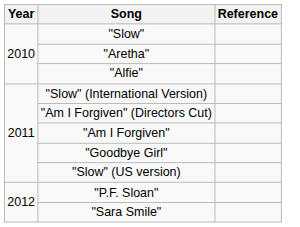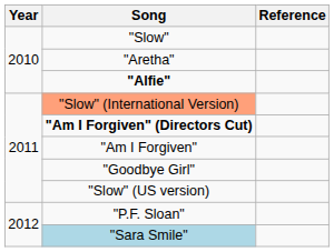 <table class="wikitable plainrowheaders" style="text-align:center;">
 <tr>
 <th>Year</th>
 <th>Song</th>
 <th>Reference</th>
 </tr>
 <tr>
 <td rowspan="3">2010</td>
 <td>"Slow"</td>
 <td></td>
 </tr>
 <tr>
 <td>"Aretha"</td>
 <td></td>
 </tr>
 <tr>
-<td>"Alfie"</td>
+<td><strong>"Alfie"</strong></td>
 <td></td>
 </tr>
 <tr>
 <td rowspan="5">2011</td>
-<td>"Slow" (International Version)</td>
+<td style="background: lightsalmon;">"Slow" (International Version)</td>
 <td></td>
 </tr>
 <tr>
-<td>"Am I Forgiven" (Directors Cut)</td>
+<td><strong>"Am I Forgiven" (Directors Cut)</strong></td>
 <td></td>
 </tr>
 <tr>
 <td>"Am I Forgiven"</td>
 <td></td>
 </tr>
 <tr>
 <td>"Goodbye Girl"</td>
 <td></td>
 </tr>
 <tr>
 <td>"Slow" (US version)</td>
 <td></td>
 </tr>
 <tr>
 <td rowspan="2">2012</td>
 <td>"P.F. Sloan"</td>
 <td></td>
 </tr>
 <tr>
-<td>"Sara Smile"</td>
+<td style="background: lightblue;">"Sara Smile"</td>
 <td></td>
 </tr>
 </table>
